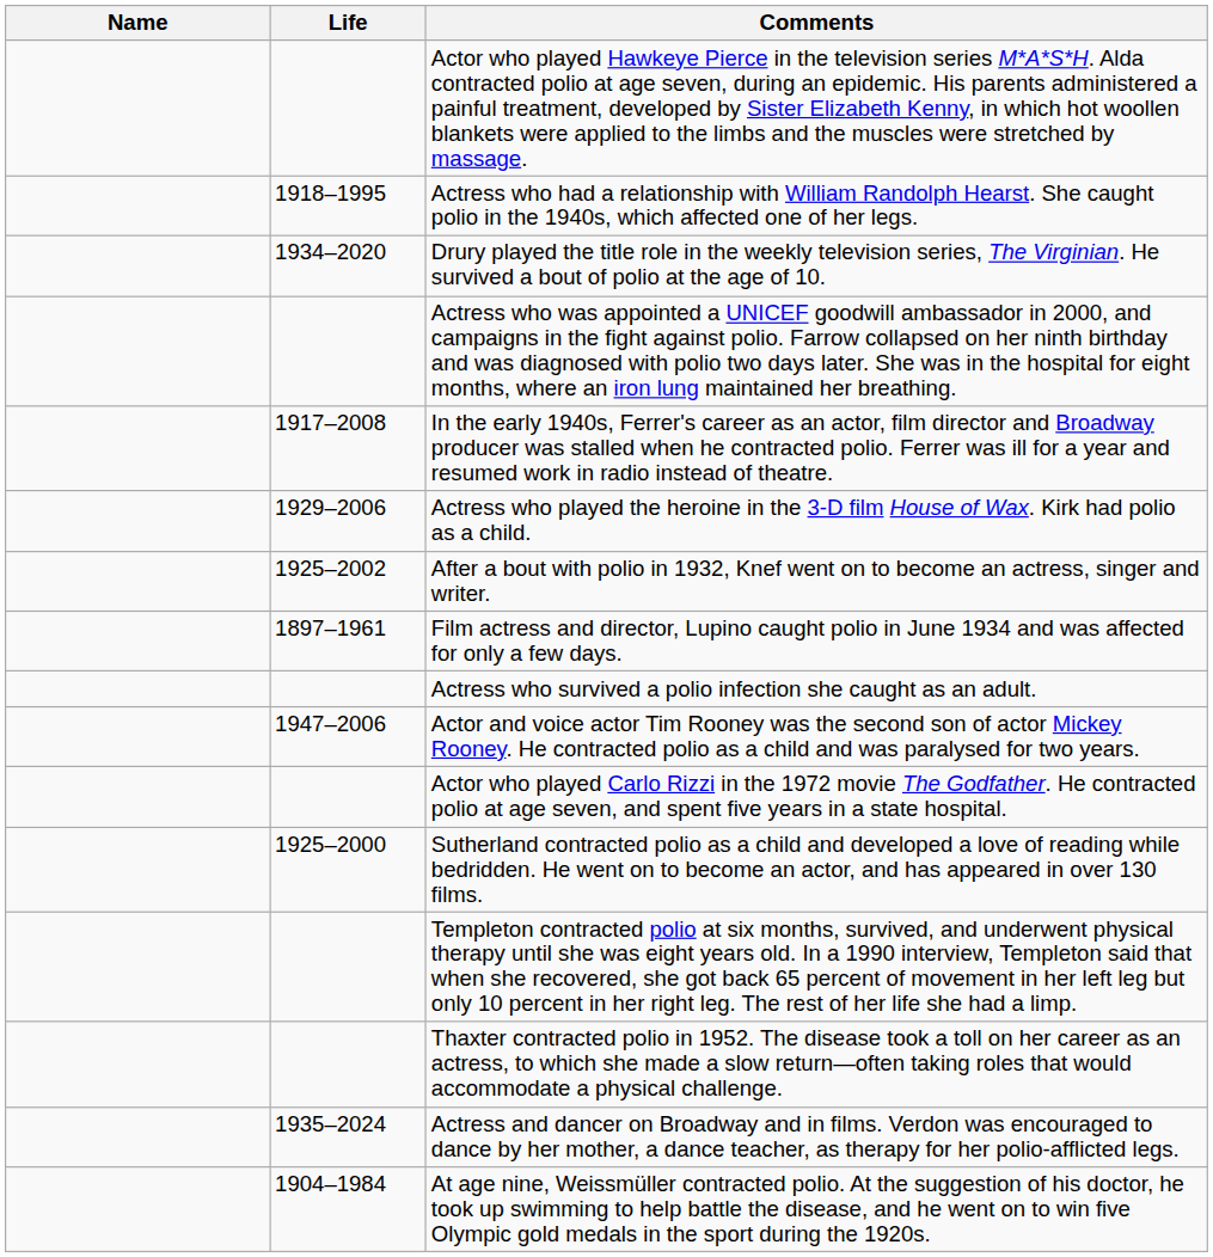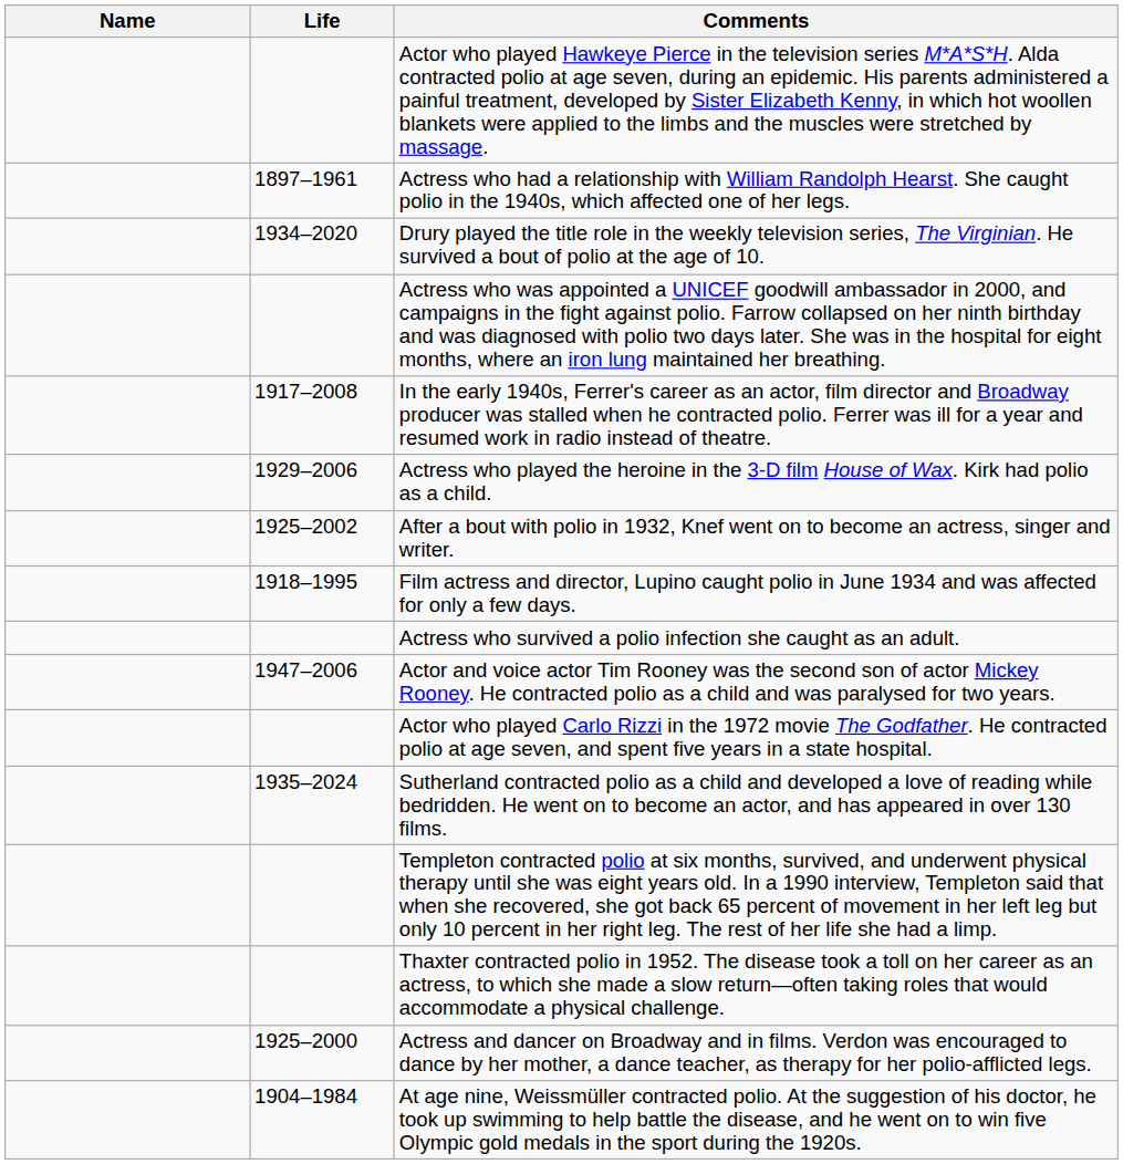 <table class="sortable wikitable">
 <tr>
 <th width="22%">Name</th>
 <th width="13%">Life</th>
 <th class="unsortable" width="65%">Comments</th>
 </tr>
 <tr valign="top">
 <td></td>
 <td></td>
 <td>Actor who played <a href='#'>Hawkeye Pierce</a> in the television series <em><a href='#'>M*A*S*H</a></em>. Alda contracted polio at age seven, during an epidemic. His parents administered a painful treatment, developed by <a href='#'>Sister Elizabeth Kenny</a>, in which hot woollen blankets were applied to the limbs and the muscles were stretched by <a href='#'>massage</a>.</td>
 </tr>
 <tr valign="top">
 <td></td>
-<td>1918–1995</td>
+<td>1897–1961</td>
 <td>Actress who had a relationship with <a href='#'>William Randolph Hearst</a>. She caught polio in the 1940s, which affected one of her legs.</td>
 </tr>
 <tr valign="top">
 <td></td>
 <td>1934–2020</td>
 <td>Drury played the title role in the weekly television series, <em><a href='#'>The Virginian</a></em>. He survived a bout of polio at the age of 10.</td>
 </tr>
 <tr valign="top">
 <td></td>
 <td></td>
 <td>Actress who was appointed a <a href='#'>UNICEF</a> goodwill ambassador in 2000, and campaigns in the fight against polio. Farrow collapsed on her ninth birthday and was diagnosed with polio two days later. She was in the hospital for eight months, where an <a href='#'>iron lung</a> maintained her breathing.</td>
 </tr>
 <tr valign="top">
 <td></td>
 <td>1917–2008</td>
 <td>In the early 1940s, Ferrer's career as an actor, film director and <a href='#'>Broadway</a> producer was stalled when he contracted polio. Ferrer was ill for a year and resumed work in radio instead of theatre.</td>
 </tr>
 <tr valign="top">
 <td></td>
 <td>1929–2006</td>
 <td>Actress who played the heroine in the <a href='#'>3-D film</a> <em><a href='#'>House of Wax</a></em>. Kirk had polio as a child.</td>
 </tr>
 <tr valign="top">
 <td></td>
 <td>1925–2002</td>
 <td>After a bout with polio in 1932, Knef went on to become an actress, singer and writer.</td>
 </tr>
 <tr valign="top">
 <td></td>
-<td>1897–1961</td>
+<td>1918–1995</td>
 <td>Film actress and director, Lupino caught polio in June 1934 and was affected for only a few days.</td>
 </tr>
 <tr valign="top">
 <td></td>
 <td></td>
 <td>Actress who survived a polio infection she caught as an adult.</td>
 </tr>
 <tr valign="top">
 <td></td>
 <td>1947–2006</td>
 <td>Actor and voice actor Tim Rooney was the second son of actor <a href='#'>Mickey Rooney</a>. He contracted polio as a child and was paralysed for two years.</td>
 </tr>
 <tr valign="top">
 <td></td>
 <td></td>
 <td>Actor who played <a href='#'>Carlo Rizzi</a> in the 1972 movie <em><a href='#'>The Godfather</a></em>. He contracted polio at age seven, and spent five years in a state hospital.</td>
 </tr>
 <tr valign="top">
 <td></td>
-<td>1925–2000</td>
+<td>1935–2024</td>
 <td>Sutherland contracted polio as a child and developed a love of reading while bedridden. He went on to become an actor, and has appeared in over 130 films.</td>
 </tr>
 <tr valign="top">
 <td></td>
 <td></td>
 <td>Templeton contracted <a href='#'>polio</a> at six months, survived, and underwent physical therapy until she was eight years old. In a 1990 interview, Templeton said that when she recovered, she got back 65 percent of movement in her left leg but only 10 percent in her right leg. The rest of her life she had a limp.</td>
 </tr>
 <tr valign="top">
 <td></td>
 <td></td>
 <td>Thaxter contracted polio in 1952. The disease took a toll on her career as an actress, to which she made a slow return—often taking roles that would accommodate a physical challenge.</td>
 </tr>
 <tr valign="top">
 <td></td>
-<td>1935–2024</td>
+<td>1925–2000</td>
 <td>Actress and dancer on Broadway and in films. Verdon was encouraged to dance by her mother, a dance teacher, as therapy for her polio-afflicted legs.</td>
 </tr>
 <tr valign="top">
 <td></td>
 <td>1904–1984</td>
 <td>At age nine, Weissmüller contracted polio. At the suggestion of his doctor, he took up swimming to help battle the disease, and he went on to win five Olympic gold medals in the sport during the 1920s.</td>
 </tr>
 </table>
